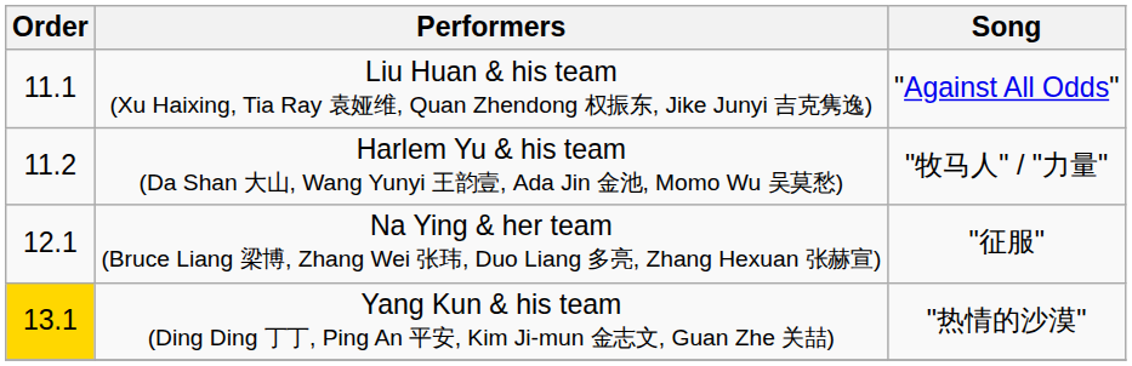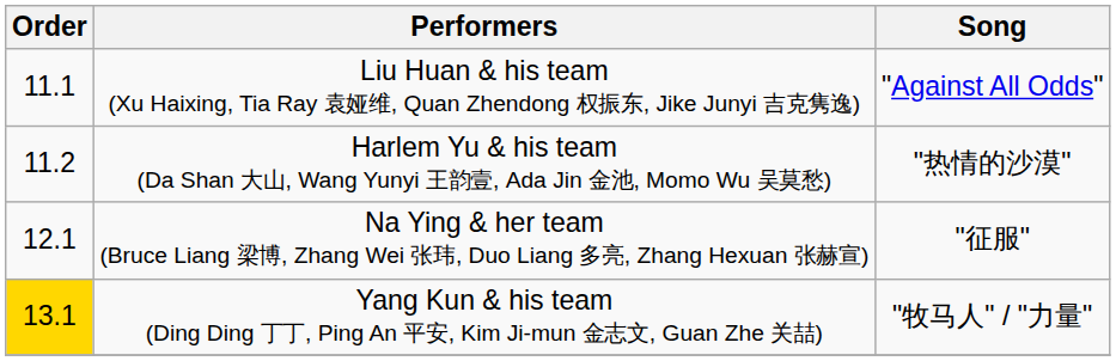 <table class="wikitable" style="text-align:center;">
 <tr>
 <th>Order</th>
 <th>Performers</th>
 <th>Song</th>
 </tr>
 <tr>
 <td>11.1</td>
 <td>Liu Huan & his team <br><small>(Xu Haixing, Tia Ray 袁娅维, Quan Zhendong 权振东, Jike Junyi 吉克隽逸)</small></td>
 <td>"<a href='#'>Against All Odds</a>"</td>
 </tr>
 <tr>
 <td>11.2</td>
 <td>Harlem Yu & his team <br><small>(Da Shan 大山, Wang Yunyi 王韵壹, Ada Jin 金池, Momo Wu 吴莫愁)</small></td>
-<td>"牧马人" / "力量"</td>
+<td>"热情的沙漠"</td>
 </tr>
 <tr>
 <td>12.1</td>
 <td>Na Ying & her team <br><small>(Bruce Liang 梁博, Zhang Wei 张玮, Duo Liang 多亮, Zhang Hexuan 张赫宣)</small></td>
 <td>"征服"</td>
 </tr>
 <tr>
 <td style="background: gold;">13.1</td>
 <td>Yang Kun & his team <br><small>(Ding Ding 丁丁, Ping An 平安, Kim Ji-mun 金志文, Guan Zhe 关喆)</small></td>
-<td>"热情的沙漠"</td>
+<td>"牧马人" / "力量"</td>
 </tr>
 <tr>
 </tr>
 </table>
